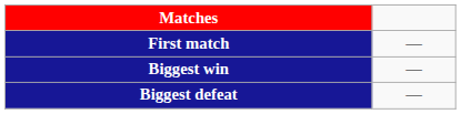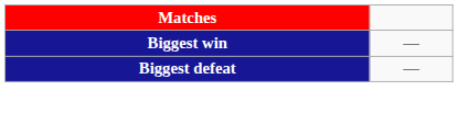 <table class="wikitable collapsible" style="width:50%; text-align:center;">
 <tr>
 <th style="background:#ff0000; color:white; "><strong>Matches</strong></th>
-</tr>
-<tr>
-<th style="background:#171796; color:white; ">First match</th>
-<td>—</td>
 </tr>
 <tr>
 <th style="background:#171796; color:white; ">Biggest win</th>
 <td>—</td>
 </tr>
 <tr>
 <th style="background:#171796; color:white; ">Biggest defeat</th>
 <td>—</td>
 </tr>
 </table>
